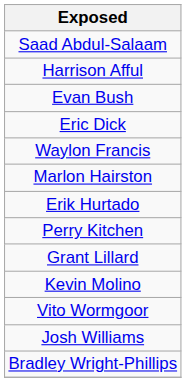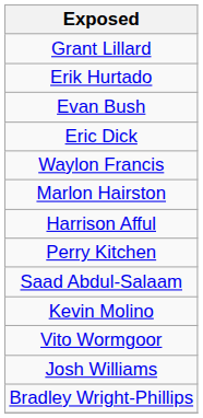 <table class="wikitable" style="text-align:center">
 <tr>
 <th>Exposed</th>
 </tr>
 <tr>
-<td><a href='#'>Saad Abdul-Salaam</a></td>
+<td><a href='#'>Grant Lillard</a></td>
 </tr>
 <tr>
-<td><a href='#'>Harrison Afful</a></td>
+<td><a href='#'>Erik Hurtado</a></td>
 </tr>
 <tr>
 <td><a href='#'>Evan Bush</a></td>
 </tr>
 <tr>
 <td><a href='#'>Eric Dick</a></td>
 </tr>
 <tr>
 <td><a href='#'>Waylon Francis</a></td>
 </tr>
 <tr>
 <td><a href='#'>Marlon Hairston</a></td>
 </tr>
 <tr>
-<td><a href='#'>Erik Hurtado</a></td>
+<td><a href='#'>Harrison Afful</a></td>
 </tr>
 <tr>
 <td><a href='#'>Perry Kitchen</a></td>
 </tr>
 <tr>
-<td><a href='#'>Grant Lillard</a></td>
+<td><a href='#'>Saad Abdul-Salaam</a></td>
 </tr>
 <tr>
 <td><a href='#'>Kevin Molino</a></td>
 </tr>
 <tr>
 <td><a href='#'>Vito Wormgoor</a></td>
 </tr>
 <tr>
 <td><a href='#'>Josh Williams</a></td>
 </tr>
 <tr>
 <td><a href='#'>Bradley Wright-Phillips</a></td>
 </tr>
 <tr>
 </tr>
 </table>
